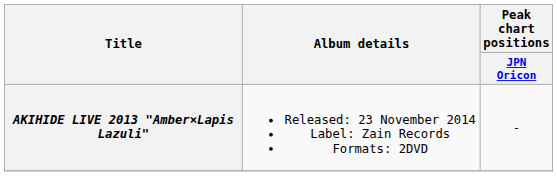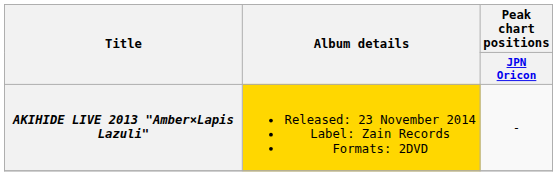 <table class="wikitable plainrowheaders" style="text-align:center;">
 <tr>
 <th scope="col" rowspan="2" style="width:19em;">Title</th>
 <th scope="col" rowspan="2" style="width:19em;">Album details</th>
 <th scope="col">Peak<br>chart<br>positions</th>
 </tr>
 <tr>
 <th scope="col" style="width:2.9em;font-size:90%;"><a href='#'>JPN<br>Oricon</a><br></th>
 </tr>
 <tr>
 <th scope="row"><em>AKIHIDE LIVE 2013 "Amber×Lapis Lazuli"</em></th>
-<td><br><ul><li>Released: 23 November 2014</li><li>Label: Zain Records</li><li>Formats: 2DVD</li></ul></td>
+<td style="background: gold;"><br><ul><li>Released: 23 November 2014</li><li>Label: Zain Records</li><li>Formats: 2DVD</li></ul></td>
 <td>-</td>
 </tr>
 <tr>
 </tr>
 </table>
